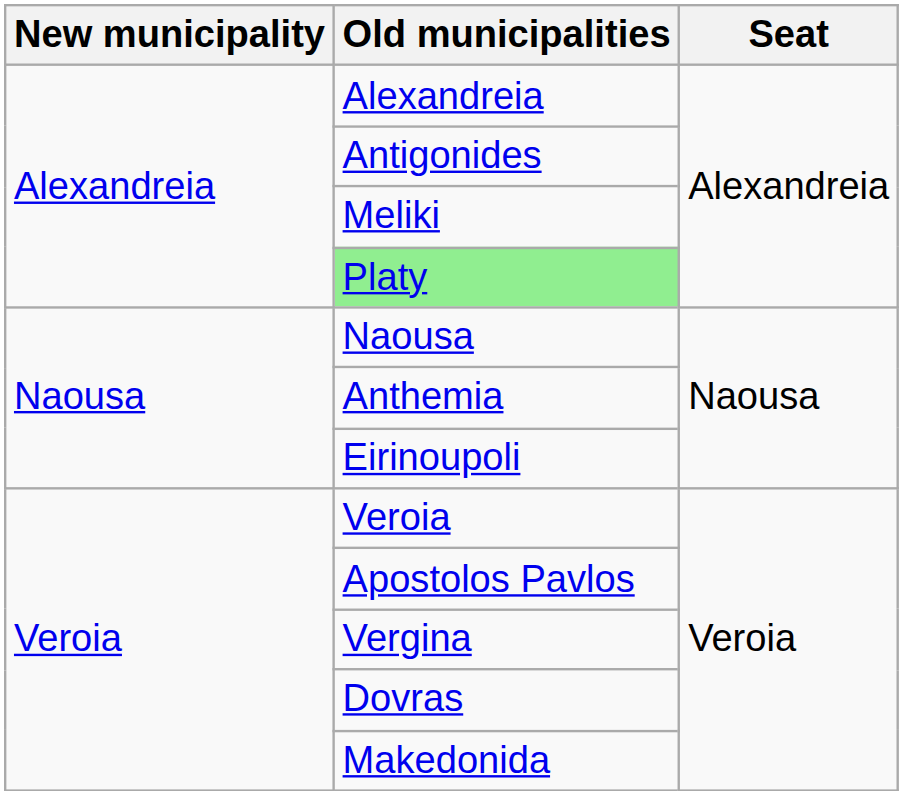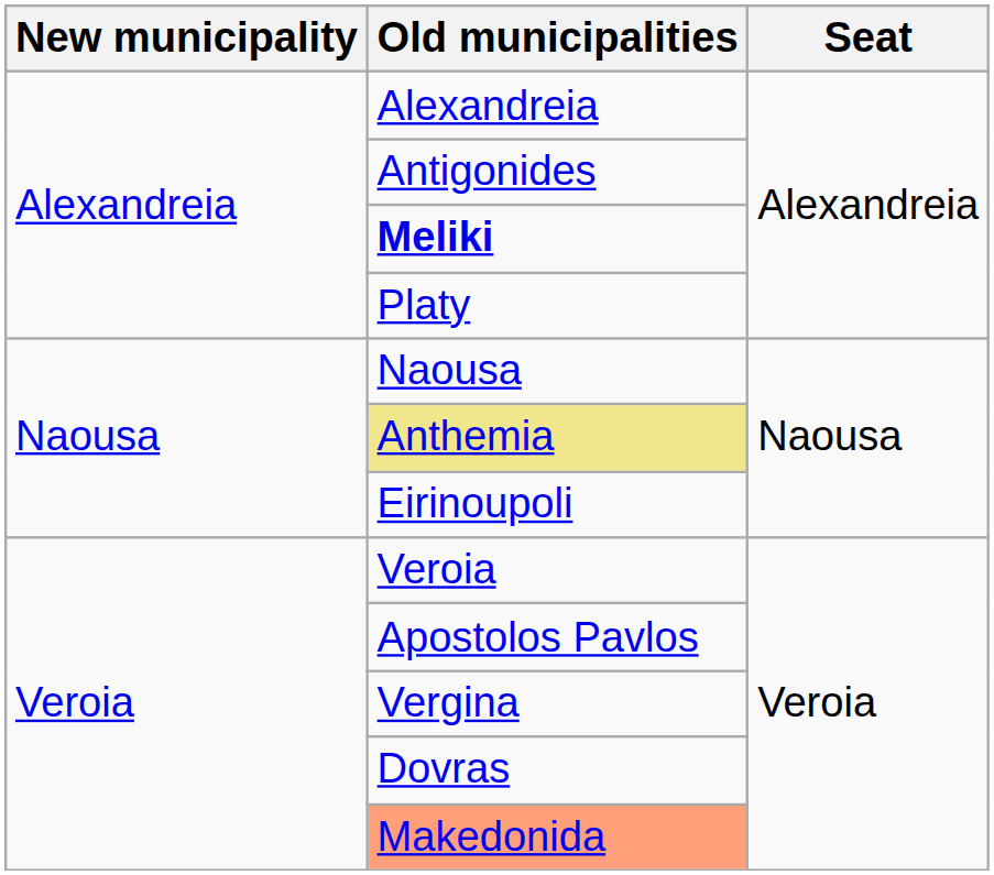 <table class="wikitable">
 <tr>
 <th>New municipality</th>
 <th>Old municipalities</th>
 <th>Seat</th>
 </tr>
 <tr>
 <td rowspan=4><a href='#'>Alexandreia</a></td>
 <td><a href='#'>Alexandreia</a></td>
 <td rowspan=4>Alexandreia</td>
 </tr>
 <tr>
 <td><a href='#'>Antigonides</a></td>
 </tr>
 <tr>
-<td><a href='#'>Meliki</a></td>
+<td><strong><a href='#'>Meliki</a></strong></td>
 </tr>
 <tr>
-<td style="background: lightgreen;"><a href='#'>Platy</a></td>
+<td><a href='#'>Platy</a></td>
 </tr>
 <tr>
 <td rowspan=3><a href='#'>Naousa</a></td>
 <td><a href='#'>Naousa</a></td>
 <td rowspan=3>Naousa</td>
 </tr>
 <tr>
-<td><a href='#'>Anthemia</a></td>
+<td style="background: khaki;"><a href='#'>Anthemia</a></td>
 </tr>
 <tr>
 <td><a href='#'>Eirinoupoli</a></td>
 </tr>
 <tr>
 <td rowspan=5><a href='#'>Veroia</a></td>
 <td><a href='#'>Veroia</a></td>
 <td rowspan=5>Veroia</td>
 </tr>
 <tr>
 <td><a href='#'>Apostolos Pavlos</a></td>
 </tr>
 <tr>
 <td><a href='#'>Vergina</a></td>
 </tr>
 <tr>
 <td><a href='#'>Dovras</a></td>
 </tr>
 <tr>
-<td><a href='#'>Makedonida</a></td>
+<td style="background: lightsalmon;"><a href='#'>Makedonida</a></td>
 </tr>
 </table>
